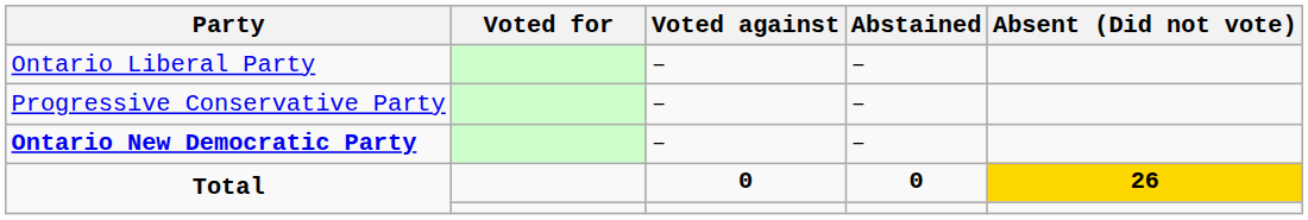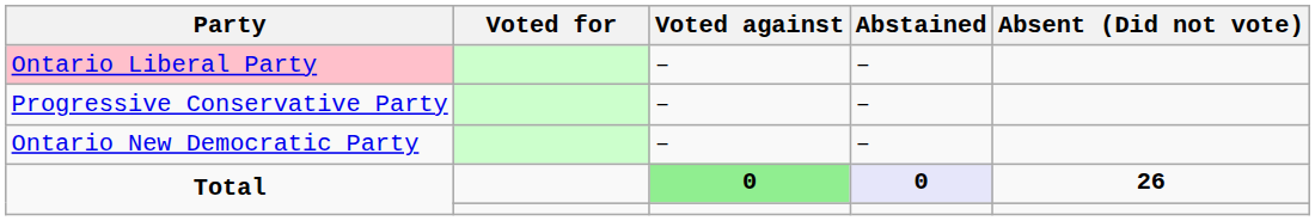 <table class="wikitable">
 <tr>
 <th>Party</th>
 <th style="width:15%;">Voted for</th>
 <th>Voted against</th>
 <th>Abstained</th>
 <th>Absent (Did not vote)</th>
 </tr>
 <tr>
-<td> <a href='#'>Ontario Liberal Party</a></td>
+<td style="background: pink;"> <a href='#'>Ontario Liberal Party</a></td>
 <td style="background-color:#CCFFCC;"></td>
 <td>–</td>
 <td>–</td>
 <td></td>
 </tr>
 <tr>
 <td> <a href='#'>Progressive Conservative Party</a></td>
 <td style="background-color:#CCFFCC;"></td>
 <td>–</td>
 <td>–</td>
 <td></td>
 </tr>
 <tr>
-<td><strong> <a href='#'>Ontario New Democratic Party</a></strong></td>
+<td> <a href='#'>Ontario New Democratic Party</a></td>
 <td style="background-color:#CCFFCC;"></td>
 <td>–</td>
 <td>–</td>
 <td></td>
 </tr>
 <tr>
 <td style="text-align:center;" rowspan="2"><strong>Total</strong></td>
 <td></td>
-<td style="text-align:center;"><strong>0</strong></td>
-<td style="text-align:center;"><strong>0</strong></td>
-<td style="background: gold; text-align:center;"><strong>26</strong></td>
+<td style="background: lightgreen; text-align:center;"><strong>0</strong></td>
+<td style="background: lavender; text-align:center;"><strong>0</strong></td>
+<td style="text-align:center;"><strong>26</strong></td>
 </tr>
 <tr>
 <td style="text-align:center;"></td>
 <td style="text-align:center;"></td>
 <td style="text-align:center;"></td>
 <td style="text-align:center;"></td>
 </tr>
 </table>
